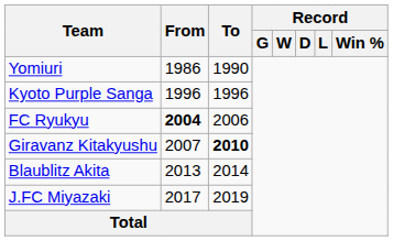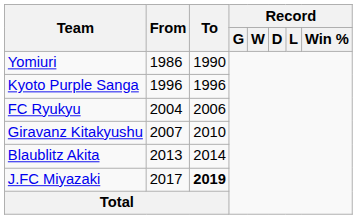 <table class="wikitable" style="text-align: center">
 <tr>
 <th rowspan="2">Team</th>
 <th rowspan="2">From</th>
 <th rowspan="2">To</th>
 <th colspan="5">Record</th>
 </tr>
 <tr>
 <th>G</th>
 <th>W</th>
 <th>D</th>
 <th>L</th>
 <th>Win %</th>
 </tr>
 <tr>
 <td align="left"><a href='#'>Yomiuri</a></td>
 <td align="left">1986</td>
 <td align="left">1990<br></td>
 </tr>
 <tr>
 <td align="left"><a href='#'>Kyoto Purple Sanga</a></td>
 <td align="left">1996</td>
 <td align="left">1996<br></td>
 </tr>
 <tr>
 <td align="left"><a href='#'>FC Ryukyu</a></td>
-<td align="left"><strong>2004</strong></td>
+<td align="left">2004</td>
 <td align="left">2006<br></td>
 </tr>
 <tr>
 <td align="left"><a href='#'>Giravanz Kitakyushu</a></td>
 <td align="left">2007</td>
-<td align="left"><strong>2010<br></strong></td>
+<td align="left">2010<br></td>
 </tr>
 <tr>
 <td align="left"><a href='#'>Blaublitz Akita</a></td>
 <td align="left">2013</td>
 <td align="left">2014<br></td>
 </tr>
 <tr>
 <td align="left"><a href='#'>J.FC Miyazaki</a></td>
 <td align="left">2017</td>
-<td align="left">2019<br></td>
+<td align="left"><strong>2019<br></strong></td>
 </tr>
 <tr>
 <th colspan="3">Total<br></th>
 </tr>
 </table>
